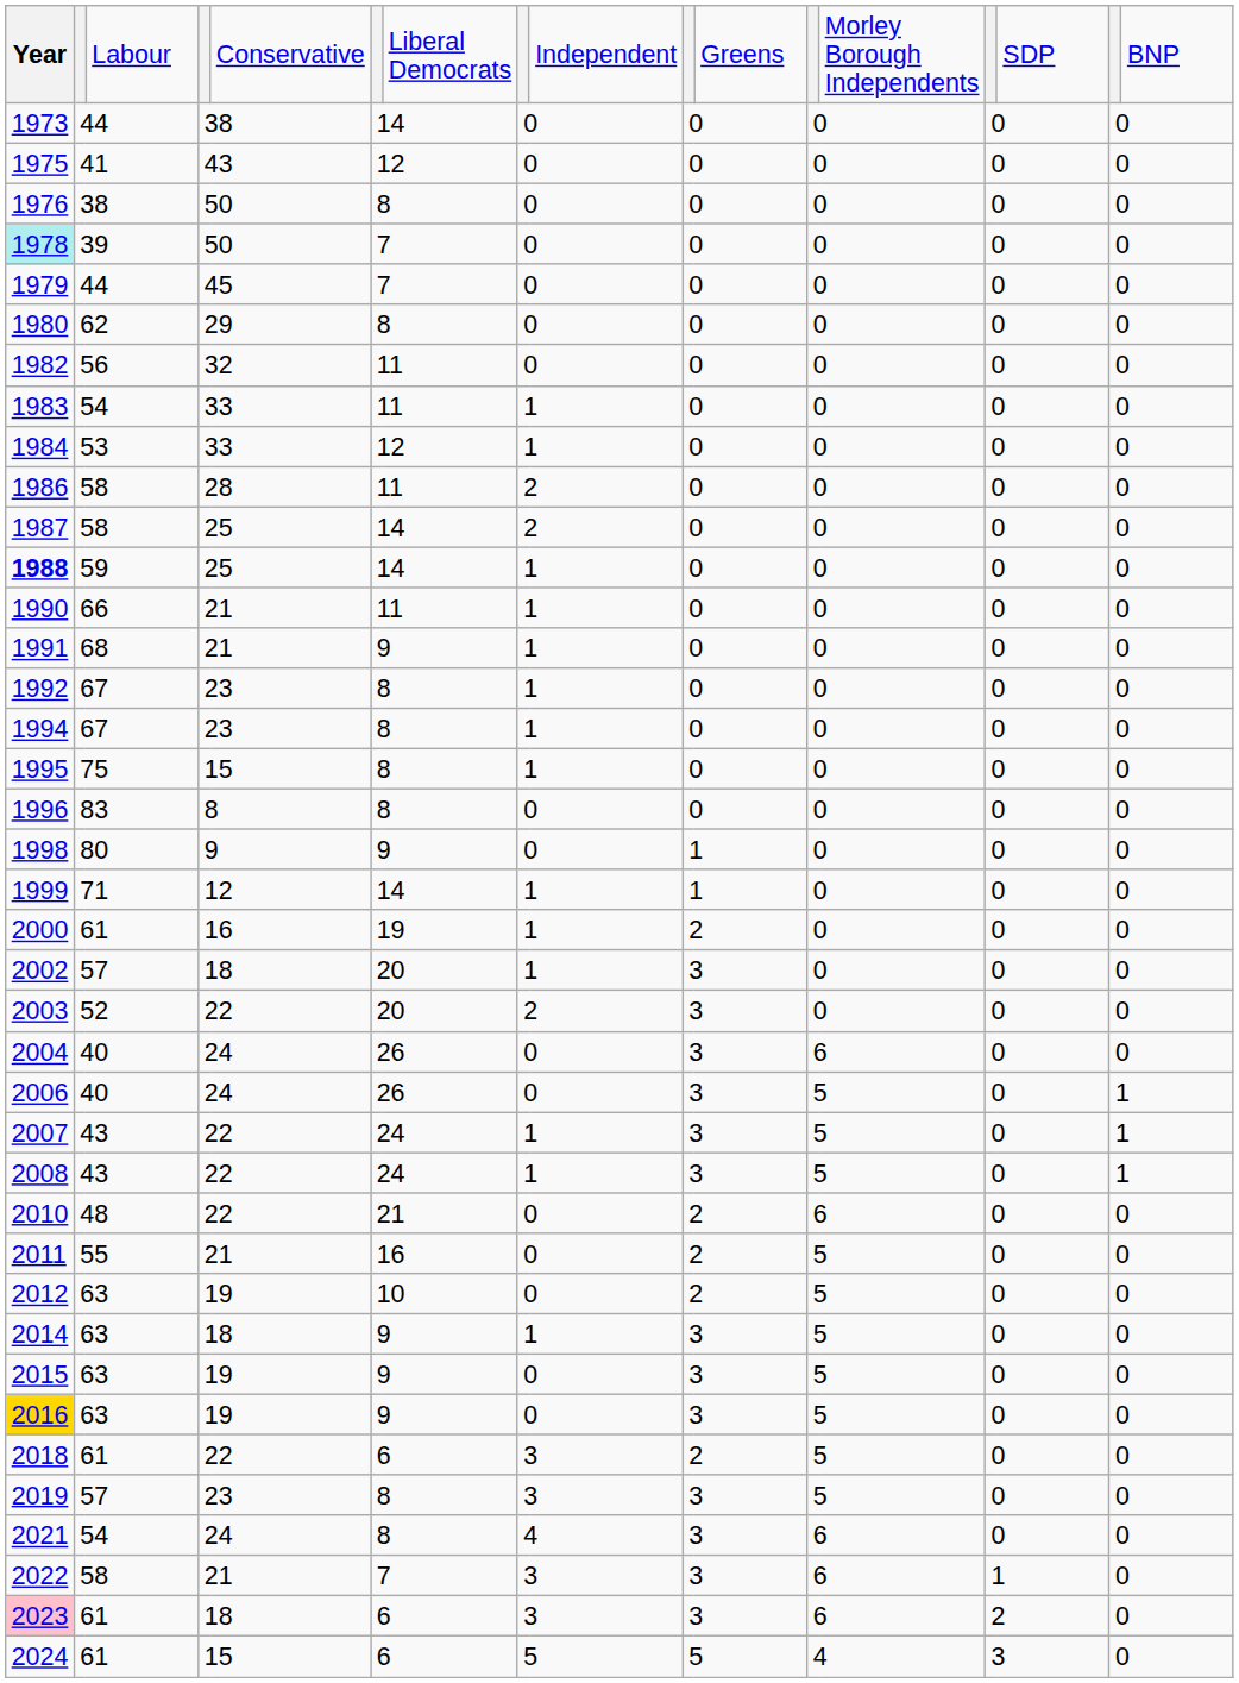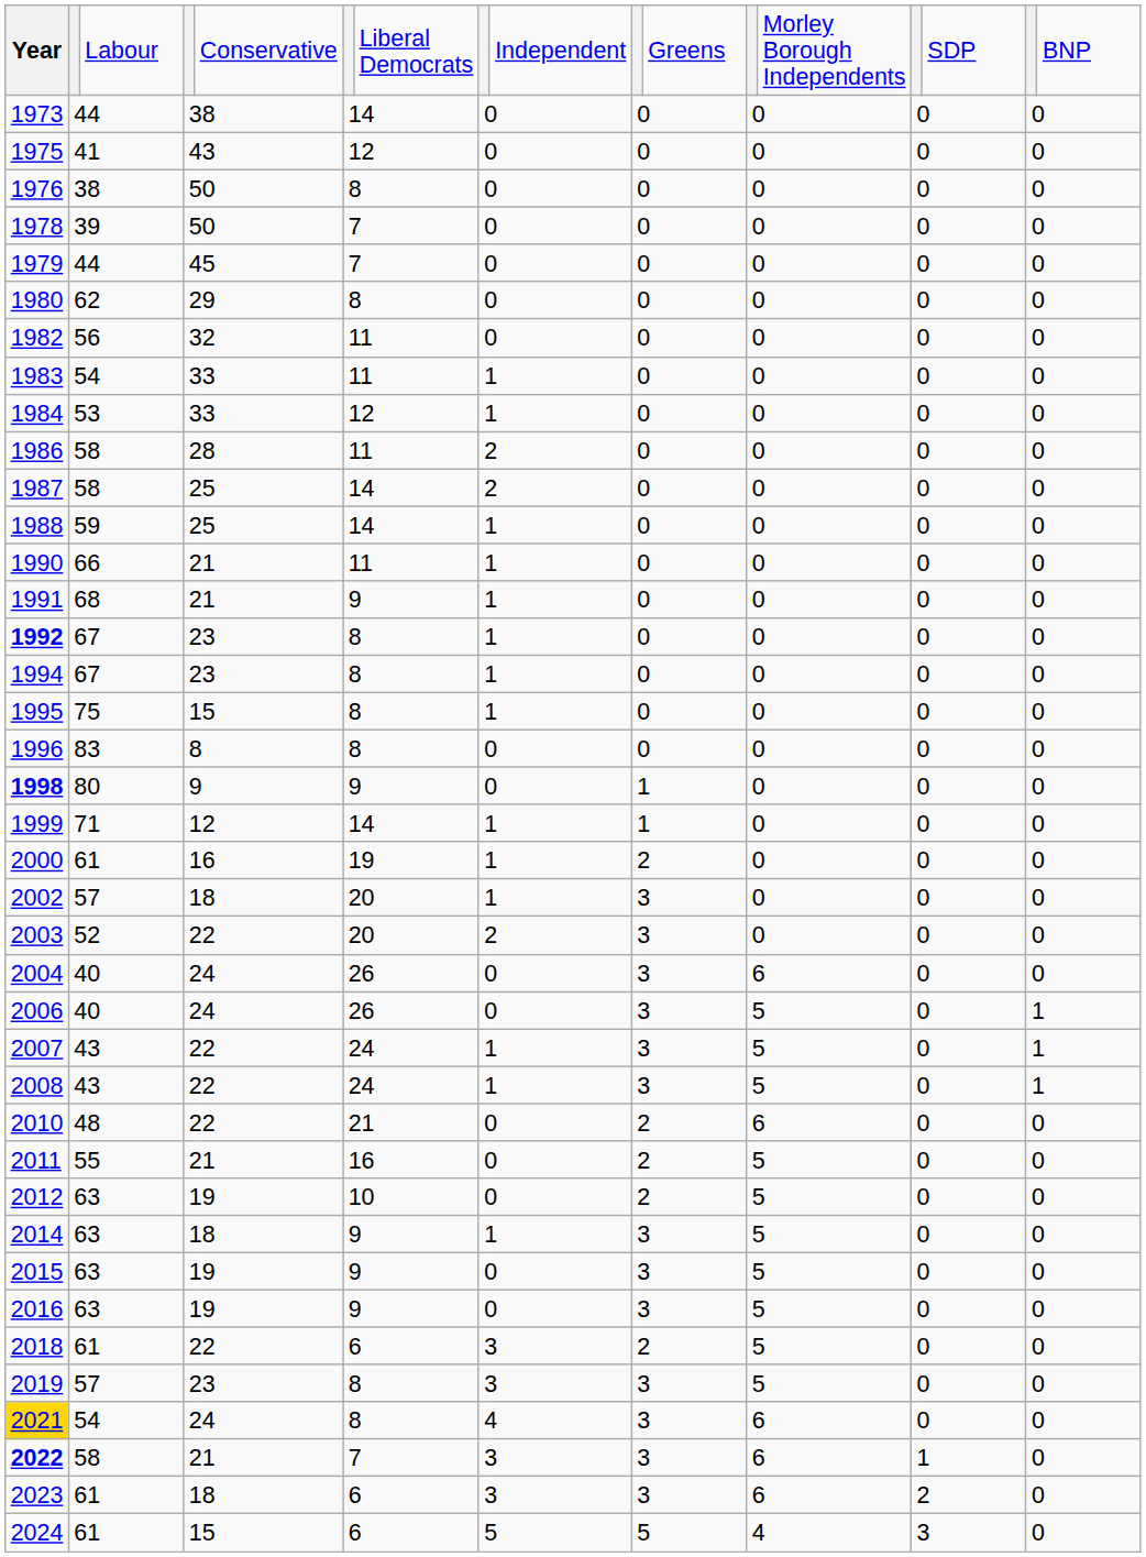 <table class="wikitable" style="font-size: 95%;">
 <tr>
 <th>Year</th>
 <th style="background-color: "></th>
 <td width="60"><a href='#'>Labour</a></td>
 <th style="background-color: "></th>
 <td width="60"><a href='#'>Conservative</a></td>
 <th style="background-color: "></th>
 <td width="60"><a href='#'>Liberal Democrats</a></td>
 <th style="background-color: "></th>
 <td width="60"><a href='#'>Independent</a></td>
 <th style="background-color: "></th>
 <td width="60"><a href='#'>Greens</a></td>
 <th style="background-color: "></th>
 <td width="60"><a href='#'>Morley Borough Independents</a></td>
 <th style="background-color: "></th>
 <td width="60"><a href='#'>SDP</a></td>
 <th style="background-color: "></th>
 <td width="60"><a href='#'>BNP</a></td>
 </tr>
 <tr>
 <td><a href='#'>1973</a></td>
 <td colspan="2">44</td>
 <td colspan="2">38</td>
 <td colspan="2">14</td>
 <td colspan="2">0</td>
 <td colspan="2">0</td>
 <td colspan="2">0</td>
 <td colspan="2">0</td>
 <td colspan="2">0</td>
 </tr>
 <tr>
 <td><a href='#'>1975</a></td>
 <td colspan="2">41</td>
 <td colspan="2">43</td>
 <td colspan="2">12</td>
 <td colspan="2">0</td>
 <td colspan="2">0</td>
 <td colspan="2">0</td>
 <td colspan="2">0</td>
 <td colspan="2">0</td>
 </tr>
 <tr>
 <td><a href='#'>1976</a></td>
 <td colspan="2">38</td>
 <td colspan="2">50</td>
 <td colspan="2">8</td>
 <td colspan="2">0</td>
 <td colspan="2">0</td>
 <td colspan="2">0</td>
 <td colspan="2">0</td>
 <td colspan="2">0</td>
 </tr>
 <tr>
-<td style="background: paleturquoise;"><a href='#'>1978</a></td>
+<td><a href='#'>1978</a></td>
 <td colspan="2">39</td>
 <td colspan="2">50</td>
 <td colspan="2">7</td>
 <td colspan="2">0</td>
 <td colspan="2">0</td>
 <td colspan="2">0</td>
 <td colspan="2">0</td>
 <td colspan="2">0</td>
 </tr>
 <tr>
 <td><a href='#'>1979</a></td>
 <td colspan="2">44</td>
 <td colspan="2">45</td>
 <td colspan="2">7</td>
 <td colspan="2">0</td>
 <td colspan="2">0</td>
 <td colspan="2">0</td>
 <td colspan="2">0</td>
 <td colspan="2">0</td>
 </tr>
 <tr>
 <td><a href='#'>1980</a></td>
 <td colspan="2">62</td>
 <td colspan="2">29</td>
 <td colspan="2">8</td>
 <td colspan="2">0</td>
 <td colspan="2">0</td>
 <td colspan="2">0</td>
 <td colspan="2">0</td>
 <td colspan="2">0</td>
 </tr>
 <tr>
 <td><a href='#'>1982</a></td>
 <td colspan="2">56</td>
 <td colspan="2">32</td>
 <td colspan="2">11</td>
 <td colspan="2">0</td>
 <td colspan="2">0</td>
 <td colspan="2">0</td>
 <td colspan="2">0</td>
 <td colspan="2">0</td>
 </tr>
 <tr>
 <td><a href='#'>1983</a></td>
 <td colspan="2">54</td>
 <td colspan="2">33</td>
 <td colspan="2">11</td>
 <td colspan="2">1</td>
 <td colspan="2">0</td>
 <td colspan="2">0</td>
 <td colspan="2">0</td>
 <td colspan="2">0</td>
 </tr>
 <tr>
 <td><a href='#'>1984</a></td>
 <td colspan="2">53</td>
 <td colspan="2">33</td>
 <td colspan="2">12</td>
 <td colspan="2">1</td>
 <td colspan="2">0</td>
 <td colspan="2">0</td>
 <td colspan="2">0</td>
 <td colspan="2">0</td>
 </tr>
 <tr>
 <td><a href='#'>1986</a></td>
 <td colspan="2">58</td>
 <td colspan="2">28</td>
 <td colspan="2">11</td>
 <td colspan="2">2</td>
 <td colspan="2">0</td>
 <td colspan="2">0</td>
 <td colspan="2">0</td>
 <td colspan="2">0</td>
 </tr>
 <tr>
 <td><a href='#'>1987</a></td>
 <td colspan="2">58</td>
 <td colspan="2">25</td>
 <td colspan="2">14</td>
 <td colspan="2">2</td>
 <td colspan="2">0</td>
 <td colspan="2">0</td>
 <td colspan="2">0</td>
 <td colspan="2">0</td>
 </tr>
 <tr>
-<td><strong><a href='#'>1988</a></strong></td>
+<td><a href='#'>1988</a></td>
 <td colspan="2">59</td>
 <td colspan="2">25</td>
 <td colspan="2">14</td>
 <td colspan="2">1</td>
 <td colspan="2">0</td>
 <td colspan="2">0</td>
 <td colspan="2">0</td>
 <td colspan="2">0</td>
 </tr>
 <tr>
 <td><a href='#'>1990</a></td>
 <td colspan="2">66</td>
 <td colspan="2">21</td>
 <td colspan="2">11</td>
 <td colspan="2">1</td>
 <td colspan="2">0</td>
 <td colspan="2">0</td>
 <td colspan="2">0</td>
 <td colspan="2">0</td>
 </tr>
 <tr>
 <td><a href='#'>1991</a></td>
 <td colspan="2">68</td>
 <td colspan="2">21</td>
 <td colspan="2">9</td>
 <td colspan="2">1</td>
 <td colspan="2">0</td>
 <td colspan="2">0</td>
 <td colspan="2">0</td>
 <td colspan="2">0</td>
 </tr>
 <tr>
-<td><a href='#'>1992</a></td>
+<td><strong><a href='#'>1992</a></strong></td>
 <td colspan="2">67</td>
 <td colspan="2">23</td>
 <td colspan="2">8</td>
 <td colspan="2">1</td>
 <td colspan="2">0</td>
 <td colspan="2">0</td>
 <td colspan="2">0</td>
 <td colspan="2">0</td>
 </tr>
 <tr>
 <td><a href='#'>1994</a></td>
 <td colspan="2">67</td>
 <td colspan="2">23</td>
 <td colspan="2">8</td>
 <td colspan="2">1</td>
 <td colspan="2">0</td>
 <td colspan="2">0</td>
 <td colspan="2">0</td>
 <td colspan="2">0</td>
 </tr>
 <tr>
 <td><a href='#'>1995</a></td>
 <td colspan="2">75</td>
 <td colspan="2">15</td>
 <td colspan="2">8</td>
 <td colspan="2">1</td>
 <td colspan="2">0</td>
 <td colspan="2">0</td>
 <td colspan="2">0</td>
 <td colspan="2">0</td>
 </tr>
 <tr>
 <td><a href='#'>1996</a></td>
 <td colspan="2">83</td>
 <td colspan="2">8</td>
 <td colspan="2">8</td>
 <td colspan="2">0</td>
 <td colspan="2">0</td>
 <td colspan="2">0</td>
 <td colspan="2">0</td>
 <td colspan="2">0</td>
 </tr>
 <tr>
-<td><a href='#'>1998</a></td>
+<td><strong><a href='#'>1998</a></strong></td>
 <td colspan="2">80</td>
 <td colspan="2">9</td>
 <td colspan="2">9</td>
 <td colspan="2">0</td>
 <td colspan="2">1</td>
 <td colspan="2">0</td>
 <td colspan="2">0</td>
 <td colspan="2">0</td>
 </tr>
 <tr>
 <td><a href='#'>1999</a></td>
 <td colspan="2">71</td>
 <td colspan="2">12</td>
 <td colspan="2">14</td>
 <td colspan="2">1</td>
 <td colspan="2">1</td>
 <td colspan="2">0</td>
 <td colspan="2">0</td>
 <td colspan="2">0</td>
 </tr>
 <tr>
 <td><a href='#'>2000</a></td>
 <td colspan="2">61</td>
 <td colspan="2">16</td>
 <td colspan="2">19</td>
 <td colspan="2">1</td>
 <td colspan="2">2</td>
 <td colspan="2">0</td>
 <td colspan="2">0</td>
 <td colspan="2">0</td>
 </tr>
 <tr>
 <td><a href='#'>2002</a></td>
 <td colspan="2">57</td>
 <td colspan="2">18</td>
 <td colspan="2">20</td>
 <td colspan="2">1</td>
 <td colspan="2">3</td>
 <td colspan="2">0</td>
 <td colspan="2">0</td>
 <td colspan="2">0</td>
 </tr>
 <tr>
 <td><a href='#'>2003</a></td>
 <td colspan="2">52</td>
 <td colspan="2">22</td>
 <td colspan="2">20</td>
 <td colspan="2">2</td>
 <td colspan="2">3</td>
 <td colspan="2">0</td>
 <td colspan="2">0</td>
 <td colspan="2">0</td>
 </tr>
 <tr>
 <td><a href='#'>2004</a></td>
 <td colspan="2">40</td>
 <td colspan="2">24</td>
 <td colspan="2">26</td>
 <td colspan="2">0</td>
 <td colspan="2">3</td>
 <td colspan="2">6</td>
 <td colspan="2">0</td>
 <td colspan="2">0</td>
 </tr>
 <tr>
 <td><a href='#'>2006</a></td>
 <td colspan="2">40</td>
 <td colspan="2">24</td>
 <td colspan="2">26</td>
 <td colspan="2">0</td>
 <td colspan="2">3</td>
 <td colspan="2">5</td>
 <td colspan="2">0</td>
 <td colspan="2">1</td>
 </tr>
 <tr>
 <td><a href='#'>2007</a></td>
 <td colspan="2">43</td>
 <td colspan="2">22</td>
 <td colspan="2">24</td>
 <td colspan="2">1</td>
 <td colspan="2">3</td>
 <td colspan="2">5</td>
 <td colspan="2">0</td>
 <td colspan="2">1</td>
 </tr>
 <tr>
 <td><a href='#'>2008</a></td>
 <td colspan="2">43</td>
 <td colspan="2">22</td>
 <td colspan="2">24</td>
 <td colspan="2">1</td>
 <td colspan="2">3</td>
 <td colspan="2">5</td>
 <td colspan="2">0</td>
 <td colspan="2">1</td>
 </tr>
 <tr>
 <td><a href='#'>2010</a></td>
 <td colspan="2">48</td>
 <td colspan="2">22</td>
 <td colspan="2">21</td>
 <td colspan="2">0</td>
 <td colspan="2">2</td>
 <td colspan="2">6</td>
 <td colspan="2">0</td>
 <td colspan="2">0</td>
 </tr>
 <tr>
 <td><a href='#'>2011</a></td>
 <td colspan="2">55</td>
 <td colspan="2">21</td>
 <td colspan="2">16</td>
 <td colspan="2">0</td>
 <td colspan="2">2</td>
 <td colspan="2">5</td>
 <td colspan="2">0</td>
 <td colspan="2">0</td>
 </tr>
 <tr>
 <td><a href='#'>2012</a></td>
 <td colspan="2">63</td>
 <td colspan="2">19</td>
 <td colspan="2">10</td>
 <td colspan="2">0</td>
 <td colspan="2">2</td>
 <td colspan="2">5</td>
 <td colspan="2">0</td>
 <td colspan="2">0</td>
 </tr>
 <tr>
 <td><a href='#'>2014</a></td>
 <td colspan="2">63</td>
 <td colspan="2">18</td>
 <td colspan="2">9</td>
 <td colspan="2">1</td>
 <td colspan="2">3</td>
 <td colspan="2">5</td>
 <td colspan="2">0</td>
 <td colspan="2">0</td>
 </tr>
 <tr>
 <td><a href='#'>2015</a></td>
 <td colspan="2">63</td>
 <td colspan="2">19</td>
 <td colspan="2">9</td>
 <td colspan="2">0</td>
 <td colspan="2">3</td>
 <td colspan="2">5</td>
 <td colspan="2">0</td>
 <td colspan="2">0</td>
 </tr>
 <tr>
-<td style="background: gold;"><a href='#'>2016</a></td>
+<td><a href='#'>2016</a></td>
 <td colspan="2">63</td>
 <td colspan="2">19</td>
 <td colspan="2">9</td>
 <td colspan="2">0</td>
 <td colspan="2">3</td>
 <td colspan="2">5</td>
 <td colspan="2">0</td>
 <td colspan="2">0</td>
 </tr>
 <tr>
 <td><a href='#'>2018</a></td>
 <td colspan="2">61</td>
 <td colspan="2">22</td>
 <td colspan="2">6</td>
 <td colspan="2">3</td>
 <td colspan="2">2</td>
 <td colspan="2">5</td>
 <td colspan="2">0</td>
 <td colspan="2">0</td>
 </tr>
 <tr>
 <td><a href='#'>2019</a></td>
 <td colspan="2">57</td>
 <td colspan="2">23</td>
 <td colspan="2">8</td>
 <td colspan="2">3</td>
 <td colspan="2">3</td>
 <td colspan="2">5</td>
 <td colspan="2">0</td>
 <td colspan="2">0</td>
 </tr>
 <tr>
-<td><a href='#'>2021</a></td>
+<td style="background: gold;"><a href='#'>2021</a></td>
 <td colspan="2">54</td>
 <td colspan="2">24</td>
 <td colspan="2">8</td>
 <td colspan="2">4</td>
 <td colspan="2">3</td>
 <td colspan="2">6</td>
 <td colspan="2">0</td>
 <td colspan="2">0</td>
 </tr>
 <tr>
-<td><a href='#'>2022</a></td>
+<td><strong><a href='#'>2022</a></strong></td>
 <td colspan="2">58</td>
 <td colspan="2">21</td>
 <td colspan="2">7</td>
 <td colspan="2">3</td>
 <td colspan="2">3</td>
 <td colspan="2">6</td>
 <td colspan="2">1</td>
 <td colspan="2">0</td>
 </tr>
 <tr>
-<td style="background: pink;"><a href='#'>2023</a></td>
+<td><a href='#'>2023</a></td>
 <td colspan="2">61</td>
 <td colspan="2">18</td>
 <td colspan="2">6</td>
 <td colspan="2">3</td>
 <td colspan="2">3</td>
 <td colspan="2">6</td>
 <td colspan="2">2</td>
 <td colspan="2">0</td>
 </tr>
 <tr>
 <td><a href='#'>2024</a></td>
 <td colspan="2">61</td>
 <td colspan="2">15</td>
 <td colspan="2">6</td>
 <td colspan="2">5</td>
 <td colspan="2">5</td>
 <td colspan="2">4</td>
 <td colspan="2">3</td>
 <td colspan="2">0</td>
 </tr>
 </table>
